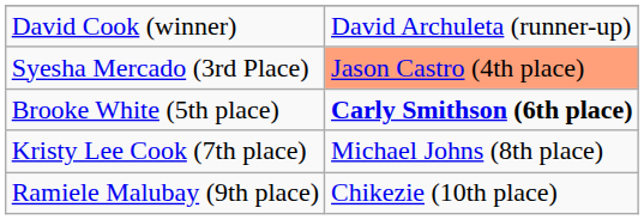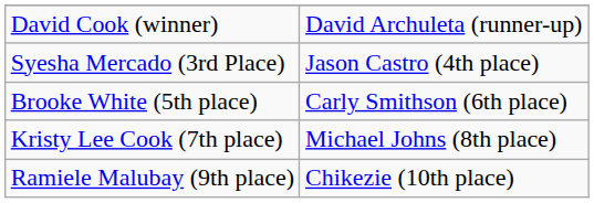 <table class="wikitable" align="center">
 <tr bgcolor="#CCCCCC">
 </tr>
 <tr>
 <td><a href='#'>David Cook</a> (winner)</td>
 <td><a href='#'>David Archuleta</a> (runner-up)</td>
 </tr>
 <tr>
 <td><a href='#'>Syesha Mercado</a> (3rd Place)</td>
-<td style="background: lightsalmon;"><a href='#'>Jason Castro</a> (4th place)</td>
+<td><a href='#'>Jason Castro</a> (4th place)</td>
 </tr>
 <tr>
 <td><a href='#'>Brooke White</a> (5th place)</td>
-<td><strong><a href='#'>Carly Smithson</a> (6th place)</strong></td>
+<td><a href='#'>Carly Smithson</a> (6th place)</td>
 </tr>
 <tr>
 <td><a href='#'>Kristy Lee Cook</a> (7th place)</td>
 <td><a href='#'>Michael Johns</a> (8th place)</td>
 </tr>
 <tr>
 <td><a href='#'>Ramiele Malubay</a> (9th place)</td>
 <td><a href='#'>Chikezie</a> (10th place)</td>
 </tr>
 </table>
